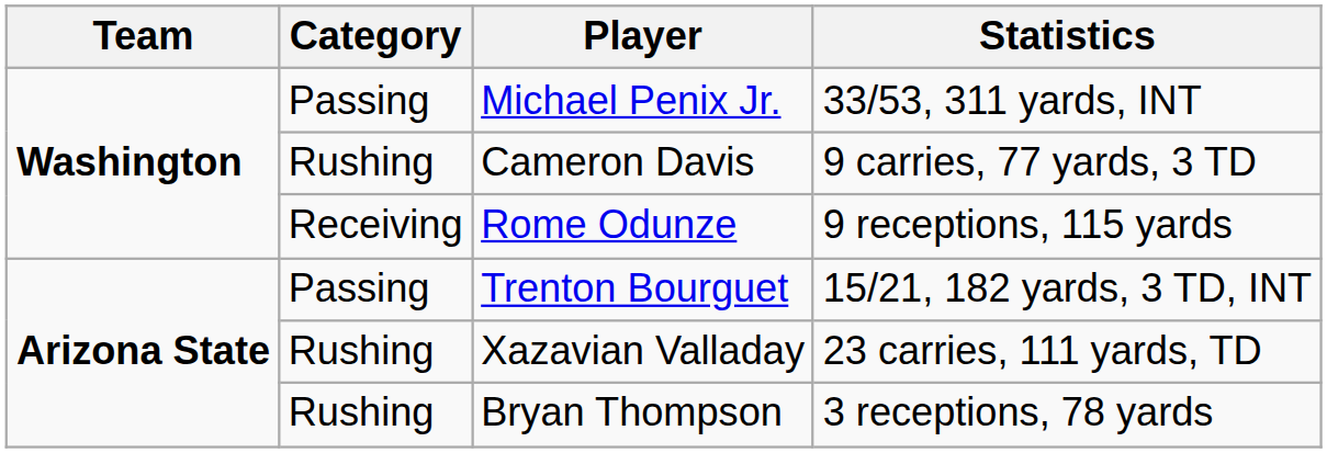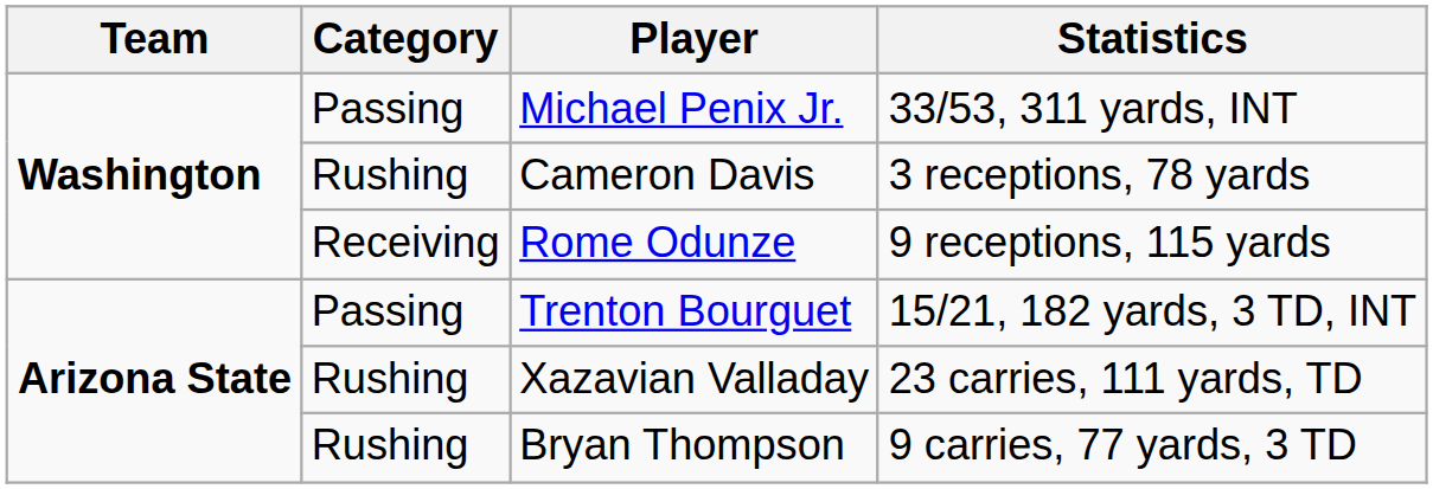 <table class="wikitable" style="float: right;">
 <tr>
 <th>Team</th>
 <th>Category</th>
 <th>Player</th>
 <th>Statistics</th>
 </tr>
 <tr>
 <td rowspan=3><strong>Washington</strong></td>
 <td>Passing</td>
 <td><a href='#'>Michael Penix Jr.</a></td>
 <td>33/53, 311 yards, INT</td>
 </tr>
 <tr>
 <td>Rushing</td>
 <td>Cameron Davis</td>
-<td>9 carries, 77 yards, 3 TD</td>
+<td>3 receptions, 78 yards</td>
 </tr>
 <tr>
 <td>Receiving</td>
 <td><a href='#'>Rome Odunze</a></td>
 <td>9 receptions, 115 yards</td>
 </tr>
 <tr>
 <td rowspan=3><strong>Arizona State</strong></td>
 <td>Passing</td>
 <td><a href='#'>Trenton Bourguet</a></td>
 <td>15/21, 182 yards, 3 TD, INT</td>
 </tr>
 <tr>
 <td>Rushing</td>
 <td>Xazavian Valladay</td>
 <td>23 carries, 111 yards, TD</td>
 </tr>
 <tr>
 <td>Rushing</td>
 <td>Bryan Thompson</td>
-<td>3 receptions, 78 yards</td>
+<td>9 carries, 77 yards, 3 TD</td>
 </tr>
 </table>
